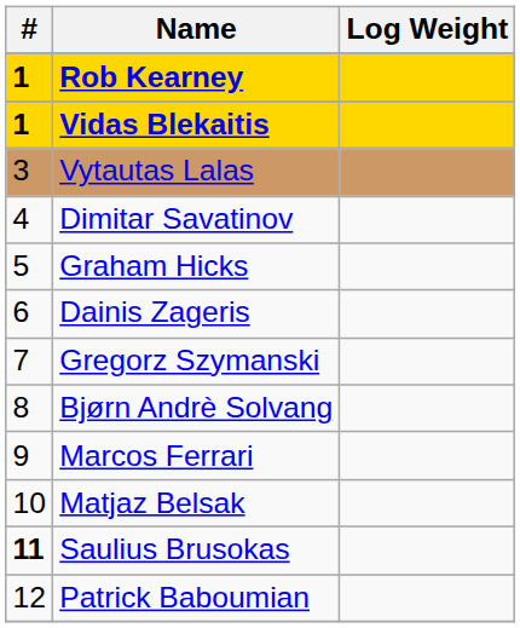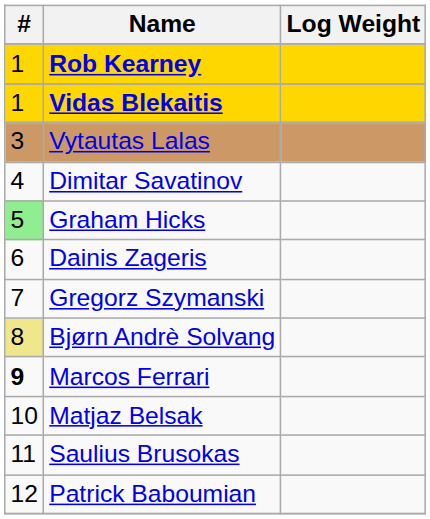 <table class="wikitable" style="display: inline-table">
 <tr>
 <th>#</th>
 <th>Name</th>
 <th>Log Weight</th>
 </tr>
 <tr>
 </tr>
 <tr style="background:gold;">
-<td><strong>1</strong></td>
+<td>1</td>
 <td> <strong><a href='#'>Rob Kearney</a></strong></td>
 <td></td>
 </tr>
 <tr>
 </tr>
 <tr style="background:gold;">
-<td><strong>1</strong></td>
+<td>1</td>
 <td> <strong><a href='#'>Vidas Blekaitis</a></strong></td>
 <td></td>
 </tr>
 <tr>
 </tr>
 <tr style="background:#c96;">
 <td>3</td>
 <td> <a href='#'>Vytautas Lalas</a></td>
 <td></td>
 </tr>
 <tr>
 <td>4</td>
 <td> <a href='#'>Dimitar Savatinov</a></td>
 <td></td>
 </tr>
 <tr>
-<td>5</td>
+<td style="background: lightgreen;">5</td>
 <td> <a href='#'>Graham Hicks</a></td>
 <td></td>
 </tr>
 <tr>
 <td>6</td>
 <td> <a href='#'>Dainis Zageris</a></td>
 <td></td>
 </tr>
 <tr>
 <td>7</td>
 <td> <a href='#'>Gregorz Szymanski</a></td>
 <td></td>
 </tr>
 <tr>
-<td>8</td>
+<td style="background: khaki;">8</td>
 <td> <a href='#'>Bjørn Andrè Solvang</a></td>
 <td></td>
 </tr>
 <tr>
-<td>9</td>
+<td><strong>9</strong></td>
 <td> <a href='#'>Marcos Ferrari</a></td>
 <td></td>
 </tr>
 <tr>
 <td>10</td>
 <td> <a href='#'>Matjaz Belsak</a></td>
 <td></td>
 </tr>
 <tr>
-<td><strong>11</strong></td>
+<td>11</td>
 <td> <a href='#'>Saulius Brusokas</a></td>
 <td></td>
 </tr>
 <tr>
 <td>12</td>
 <td> <a href='#'>Patrick Baboumian</a></td>
 <td></td>
 </tr>
 <tr>
 </tr>
 </table>
